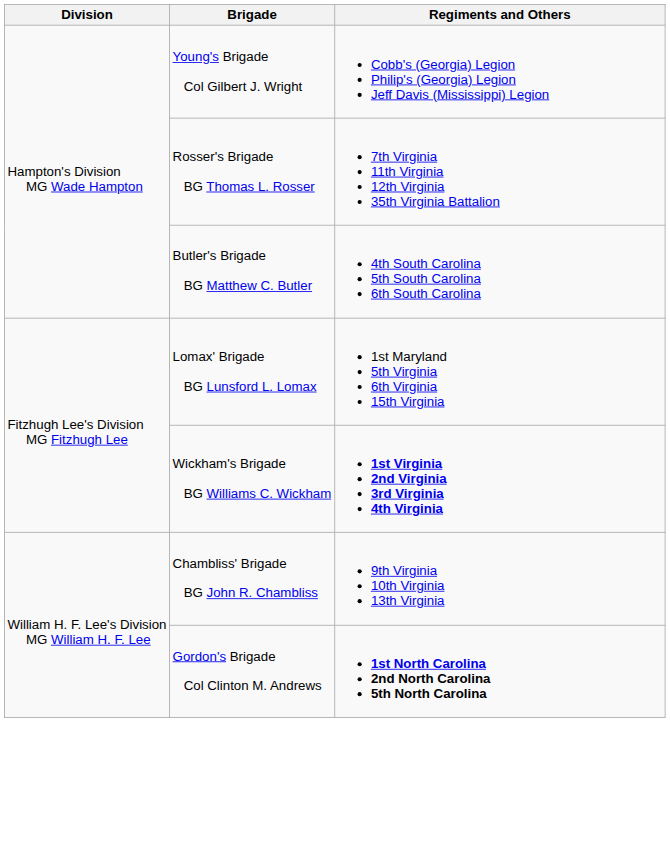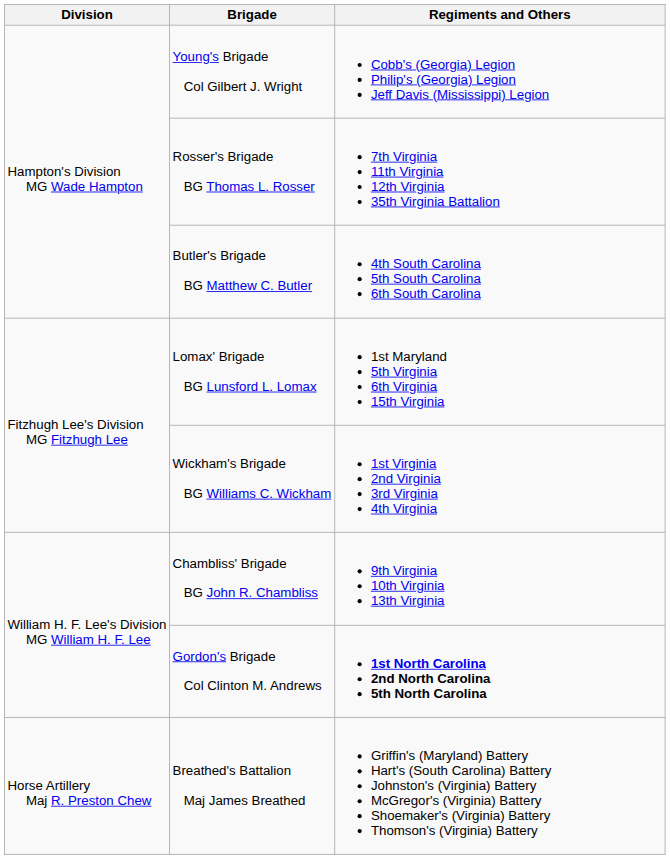 <table class="wikitable">
 <tr>
 <th width=25%>Division</th>
 <th width=25%>Brigade</th>
 <th>Regiments and Others</th>
 </tr>
 <tr>
 <td rowspan=3><br>Hampton's Division <br>     MG <a href='#'>Wade Hampton</a></td>
 <td><a href='#'>Young's</a> Brigade<br><br>   Col Gilbert J. Wright</td>
 <td><br><ul><li><a href='#'>Cobb's (Georgia) Legion</a></li><li><a href='#'>Philip's (Georgia) Legion</a></li><li><a href='#'>Jeff Davis (Mississippi) Legion</a></li></ul></td>
 </tr>
 <tr>
 <td>Rosser's Brigade<br><br>   BG <a href='#'>Thomas L. Rosser</a></td>
 <td><br><ul><li><a href='#'>7th Virginia</a></li><li><a href='#'>11th Virginia</a></li><li><a href='#'>12th Virginia</a></li><li><a href='#'>35th Virginia Battalion</a></li></ul></td>
 </tr>
 <tr>
 <td>Butler's Brigade<br><br>   BG <a href='#'>Matthew C. Butler</a></td>
 <td><br><ul><li><a href='#'>4th South Carolina</a></li><li><a href='#'>5th South Carolina</a></li><li><a href='#'>6th South Carolina</a></li></ul></td>
 </tr>
 <tr>
 <td rowspan=2><br>Fitzhugh Lee's Division <br>     MG <a href='#'>Fitzhugh Lee</a></td>
 <td>Lomax' Brigade<br><br>   BG <a href='#'>Lunsford L. Lomax</a></td>
 <td><br><ul><li>1st Maryland</li><li><a href='#'>5th Virginia</a></li><li><a href='#'>6th Virginia</a></li><li><a href='#'>15th Virginia</a></li></ul></td>
 </tr>
 <tr>
 <td>Wickham's Brigade<br><br>   BG <a href='#'>Williams C. Wickham</a></td>
-<td><strong><br><ul><li><a href='#'>1st Virginia</a></li><li><a href='#'>2nd Virginia</a></li><li><a href='#'>3rd Virginia</a></li><li><a href='#'>4th Virginia</a></li></ul></strong></td>
+<td><br><ul><li><a href='#'>1st Virginia</a></li><li><a href='#'>2nd Virginia</a></li><li><a href='#'>3rd Virginia</a></li><li><a href='#'>4th Virginia</a></li></ul></td>
 </tr>
 <tr>
 <td rowspan=2><br>William H. F. Lee's Division <br>     MG <a href='#'>William H. F. Lee</a></td>
 <td>Chambliss' Brigade<br><br>   BG <a href='#'>John R. Chambliss</a></td>
 <td><br><ul><li><a href='#'>9th Virginia</a></li><li><a href='#'>10th Virginia</a></li><li><a href='#'>13th Virginia</a></li></ul></td>
 </tr>
 <tr>
 <td><a href='#'>Gordon's</a> Brigade<br><br>   Col Clinton M. Andrews</td>
 <td><strong><br><ul><li><a href='#'>1st North Carolina</a></li><li>2nd North Carolina</li><li>5th North Carolina</li></ul></strong></td>
 </tr>
+<tr>
+<td rowspan=1><br>Horse Artillery <br>     Maj <a href='#'>R. Preston Chew</a></td>
+<td>Breathed's Battalion<br><br>   Maj James Breathed</td>
+<td><br><ul><li>Griffin's (Maryland) Battery</li><li>Hart's (South Carolina) Battery</li><li>Johnston's (Virginia) Battery</li><li>McGregor's (Virginia) Battery</li><li>Shoemaker's (Virginia) Battery</li><li>Thomson's (Virginia) Battery</li></ul></td>
+</tr>
 </table>
